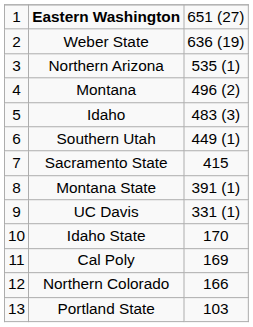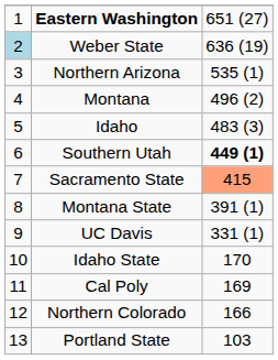 <table class="wikitable" style="display: inline-table;">
 <tr align="center">
 </tr>
 <tr align="center">
 <td>1</td>
 <td><strong>Eastern Washington</strong></td>
 <td>651 (27)</td>
 </tr>
 <tr align="center">
-<td>2</td>
+<td style="background: lightblue;">2</td>
 <td>Weber State</td>
 <td>636 (19)</td>
 </tr>
 <tr align="center">
 <td>3</td>
 <td>Northern Arizona</td>
 <td>535 (1)</td>
 </tr>
 <tr align="center">
 <td>4</td>
 <td>Montana</td>
 <td>496 (2)</td>
 </tr>
 <tr align="center">
 <td>5</td>
 <td>Idaho</td>
 <td>483 (3)</td>
 </tr>
 <tr align="center">
 <td>6</td>
 <td>Southern Utah</td>
-<td>449 (1)</td>
+<td><strong>449 (1)</strong></td>
 </tr>
 <tr align="center">
 <td>7</td>
 <td>Sacramento State</td>
-<td>415</td>
+<td style="background: lightsalmon;">415</td>
 </tr>
 <tr align="center">
 <td>8</td>
 <td>Montana State</td>
 <td>391 (1)</td>
 </tr>
 <tr align="center">
 <td>9</td>
 <td>UC Davis</td>
 <td>331 (1)</td>
 </tr>
 <tr align="center">
 <td>10</td>
 <td>Idaho State</td>
 <td>170</td>
 </tr>
 <tr align="center">
 <td>11</td>
 <td>Cal Poly</td>
 <td>169</td>
 </tr>
 <tr align="center">
 <td>12</td>
 <td>Northern Colorado</td>
 <td>166</td>
 </tr>
 <tr align="center">
 <td>13</td>
 <td>Portland State</td>
 <td>103</td>
 </tr>
 </table>
